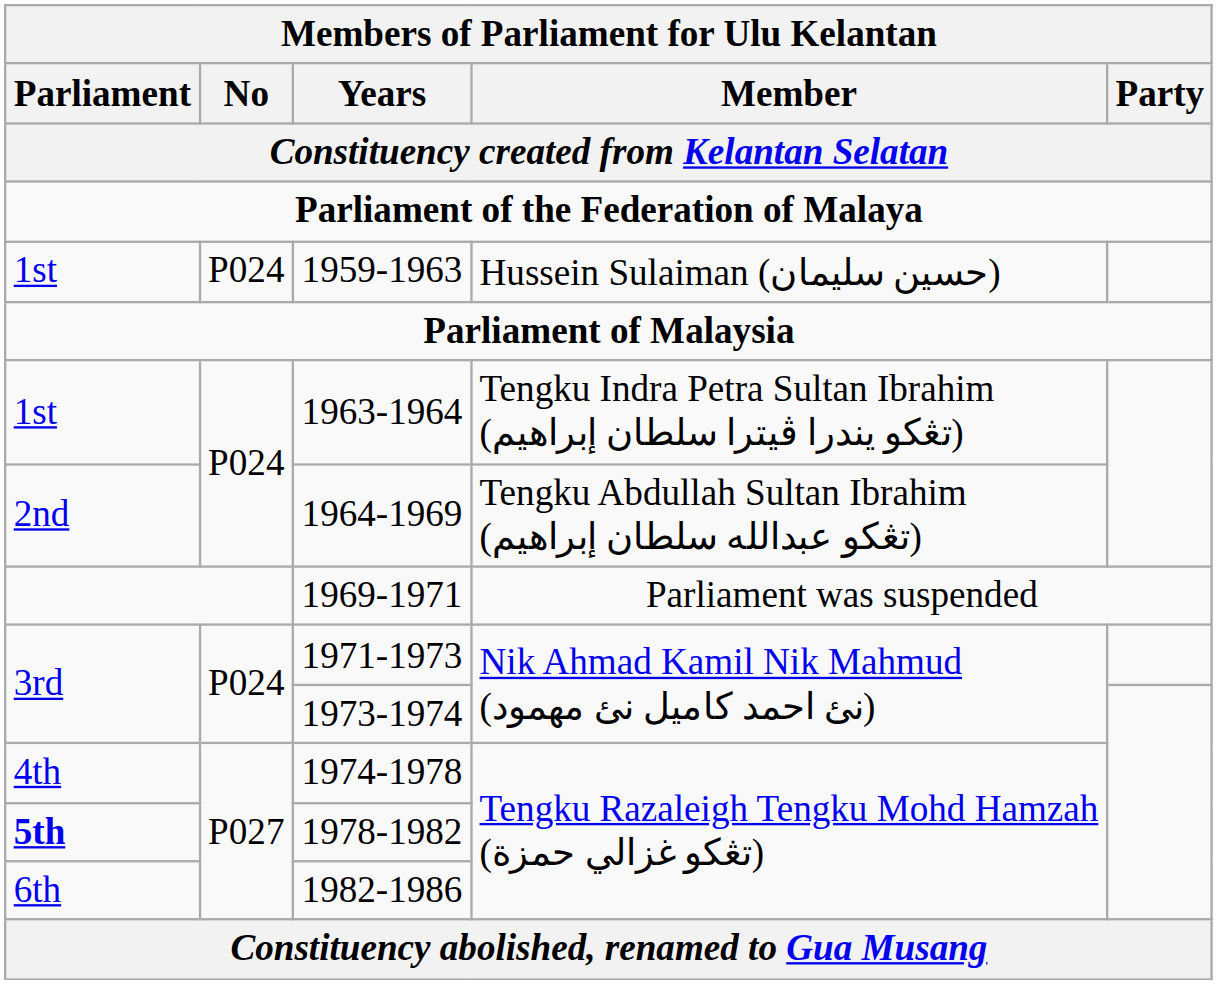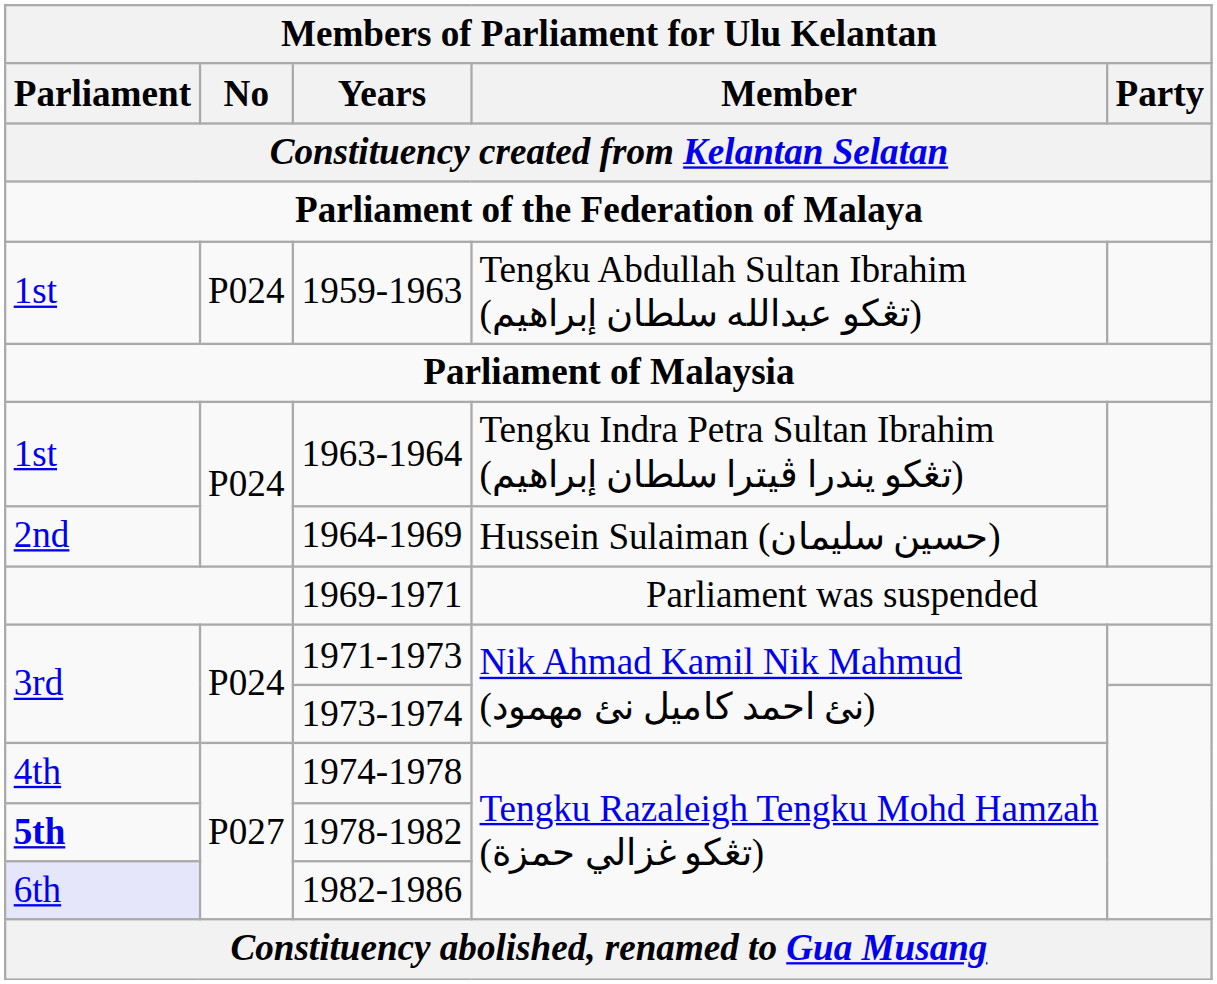 <table class=wikitable>
 <tr>
 <th colspan="5">Members of Parliament for Ulu Kelantan</th>
 </tr>
 <tr>
 <th>Parliament</th>
 <th>No</th>
 <th>Years</th>
 <th>Member</th>
 <th>Party</th>
 </tr>
 <tr>
 <th colspan="5" align="center"><em>Constituency created from <a href='#'>Kelantan Selatan</a></em></th>
 </tr>
 <tr>
 <td colspan="5" align="center"><strong>Parliament of the Federation of Malaya</strong></td>
 </tr>
 <tr>
 <td><a href='#'>1st</a></td>
 <td>P024</td>
 <td>1959-1963</td>
-<td>Hussein Sulaiman (حسين سليمان)</td>
+<td>Tengku Abdullah Sultan Ibrahim <br>  (تڠكو عبدالله سلطان إبراهيم)</td>
 <td></td>
 </tr>
 <tr>
 <td colspan="5" align="center"><strong>Parliament of Malaysia</strong></td>
 </tr>
 <tr>
 <td><a href='#'>1st</a></td>
 <td rowspan="2">P024</td>
 <td>1963-1964</td>
 <td>Tengku Indra Petra Sultan Ibrahim  <br> (تڠكو يندرا ڤيترا سلطان إبراهيم)</td>
 <td rowspan=2></td>
 </tr>
 <tr>
 <td><a href='#'>2nd</a></td>
 <td>1964-1969</td>
-<td>Tengku Abdullah Sultan Ibrahim <br>  (تڠكو عبدالله سلطان إبراهيم)</td>
+<td>Hussein Sulaiman (حسين سليمان)</td>
 </tr>
 <tr>
 <td colspan="2"></td>
 <td>1969-1971</td>
 <td colspan=2 align=center>Parliament was suspended</td>
 </tr>
 <tr>
 <td rowspan=2><a href='#'>3rd</a></td>
 <td rowspan="2">P024</td>
 <td>1971-1973</td>
 <td rowspan=2><a href='#'>Nik Ahmad Kamil Nik Mahmud</a> <br>  (نئ احمد كاميل نئ مهمود)</td>
 <td></td>
 </tr>
 <tr>
 <td>1973-1974</td>
 <td rowspan=4></td>
 </tr>
 <tr>
 <td><a href='#'>4th</a></td>
 <td rowspan="3">P027</td>
 <td>1974-1978</td>
 <td rowspan=3><a href='#'>Tengku Razaleigh Tengku Mohd Hamzah</a>  <br> (تڠكو غزالي حمزة)</td>
 </tr>
 <tr>
 <td><strong><a href='#'>5th</a></strong></td>
 <td>1978-1982</td>
 </tr>
 <tr>
-<td><a href='#'>6th</a></td>
+<td style="background: lavender;"><a href='#'>6th</a></td>
 <td>1982-1986</td>
 </tr>
 <tr>
 <th colspan="5" align="center"><em>Constituency abolished, renamed to <a href='#'>Gua Musang</a></em></th>
 </tr>
 </table>
